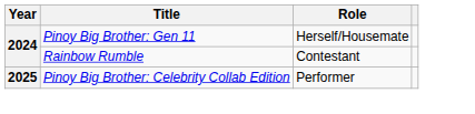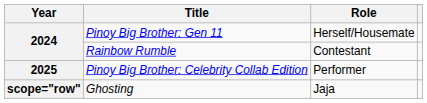 <table class="wikitable plainrowheaders">
 <tr>
 <th scope="col">Year</th>
 <th scope="col">Title</th>
 <th scope="col">Role</th>
 <th scope="col" class="unsortable"></th>
 </tr>
 <tr>
 <th scope="row" rowspan="2">2024</th>
 <td><em><a href='#'>Pinoy Big Brother: Gen 11</a></em></td>
 <td>Herself/Housemate</td>
 <td style="text-align:center"></td>
 </tr>
 <tr>
 <td><em><a href='#'>Rainbow Rumble</a></em></td>
 <td>Contestant</td>
 <td style="text-align:center"></td>
 </tr>
 <tr>
 <th scope="row">2025</th>
 <td><em><a href='#'>Pinoy Big Brother: Celebrity Collab Edition</a></em></td>
 <td>Performer</td>
 <td style="text-align:center"></td>
 </tr>
+<tr>
+<th>scope="row" </th>
+<td><em>Ghosting</em></td>
+<td>Jaja</td>
+<td style="text-align:center"></td>
+</tr>
 </table>
